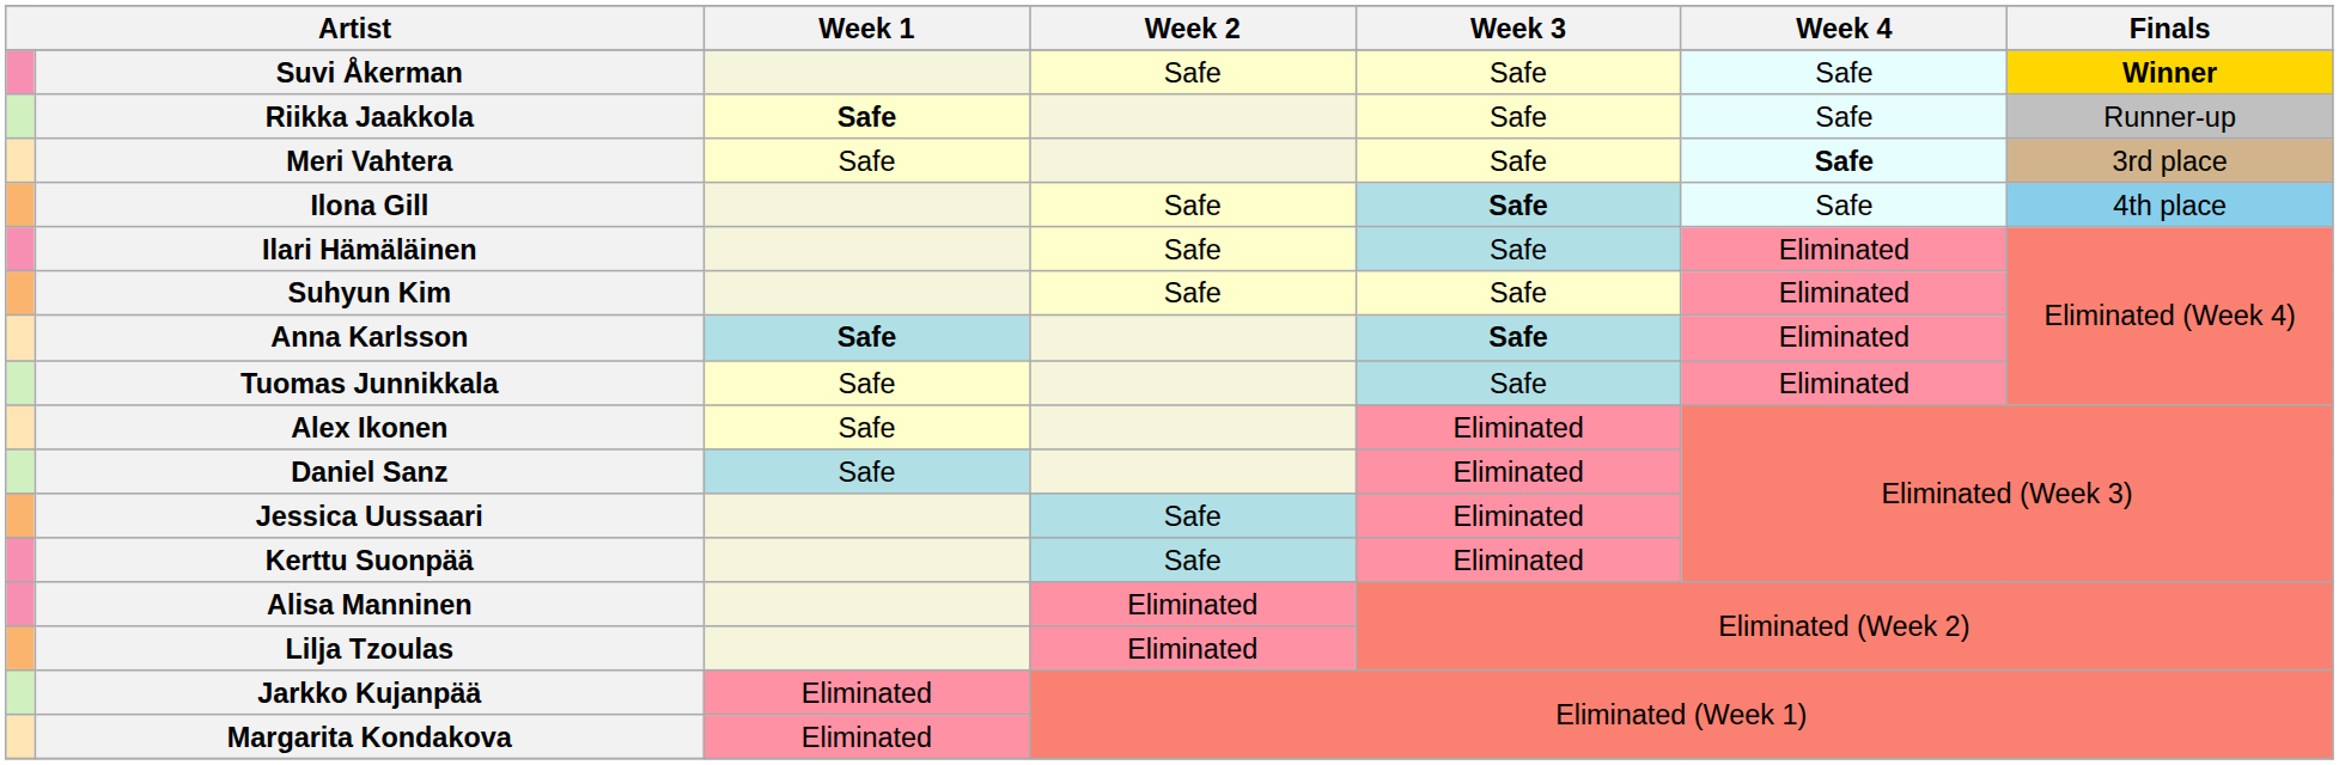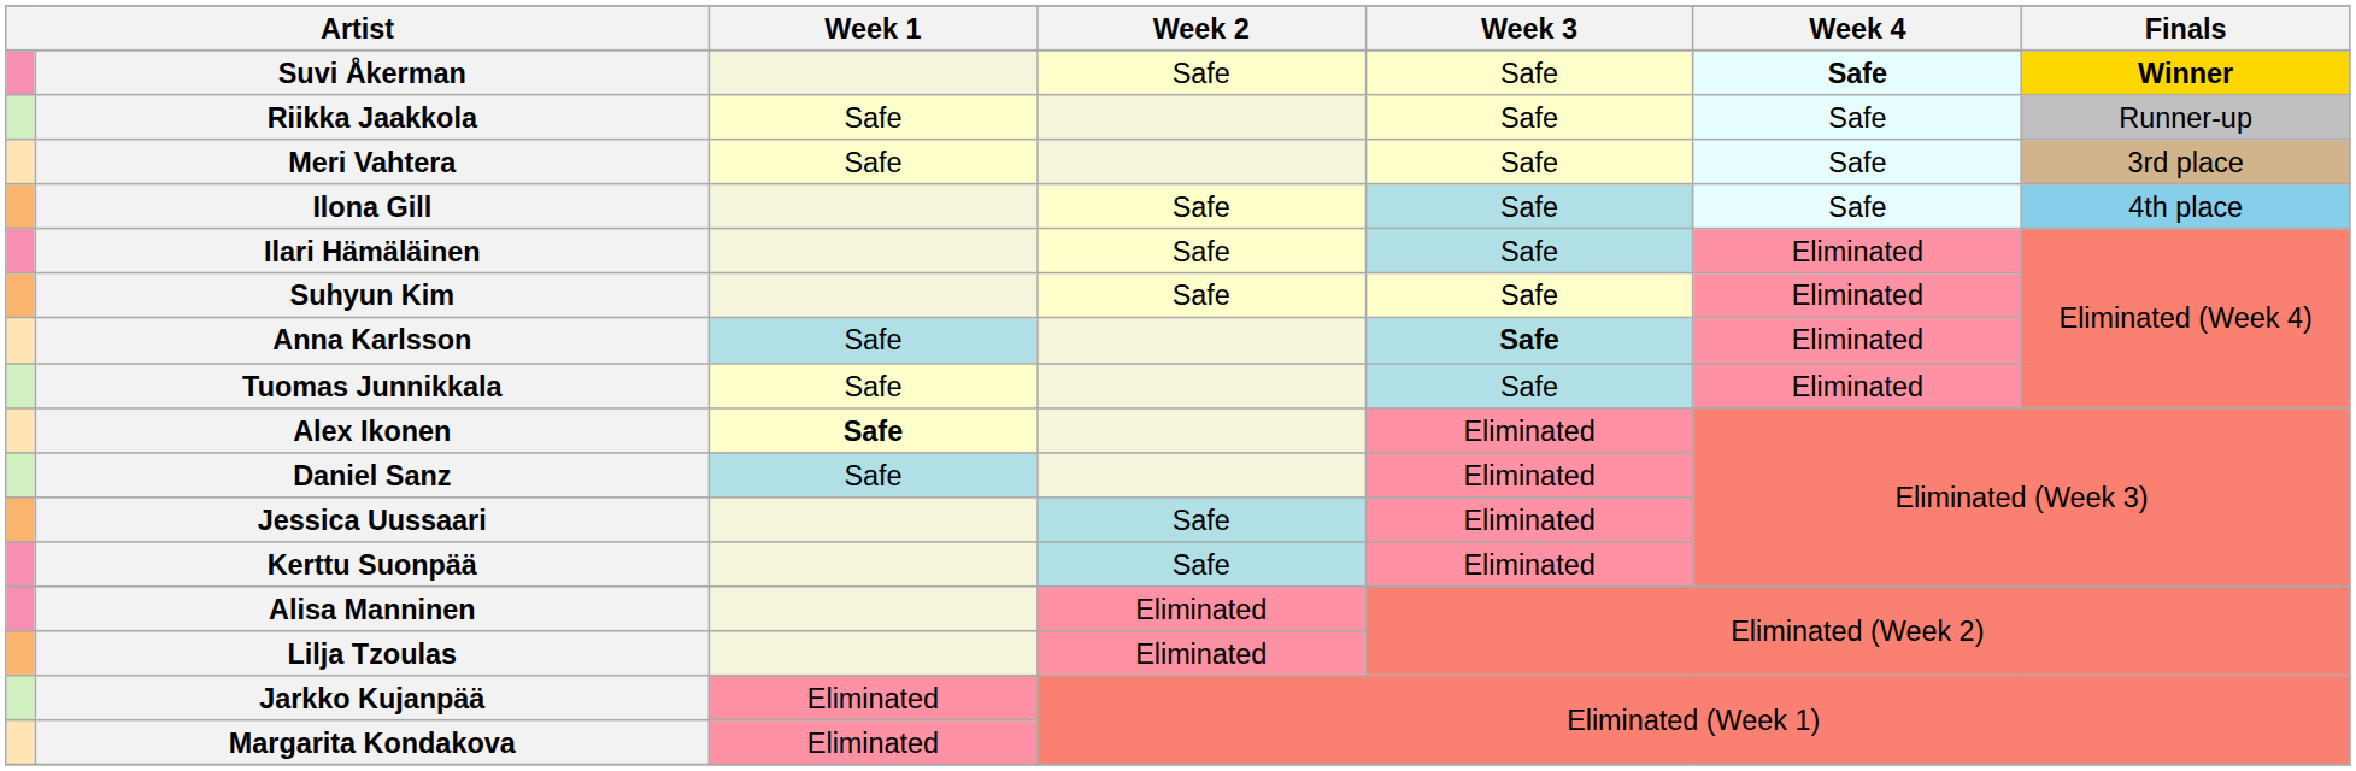 <table class="wikitable"  style="text-align:center; font-size:95%; width:100%;">
 <tr>
 </tr>
 <tr>
 <th colspan="2">Artist</th>
 <th style="width:14%;">Week 1</th>
 <th style="width:14%;">Week 2</th>
 <th style="width:14%;">Week 3</th>
 <th style="width:14%;">Week 4</th>
 <th style="width:14%;">Finals</th>
 </tr>
 <tr>
 </tr>
 <tr>
 <th style="background:#f78fb2;"></th>
 <th>Suvi Åkerman</th>
 <td style="background:#F5F5DC;"></td>
 <td style="background:#ffc;">Safe</td>
 <td style="background:#ffc;">Safe</td>
-<td style="background:#E7FEFF;">Safe</td>
+<td style="background:#E7FEFF;"><strong>Safe</strong></td>
 <td style="background:gold;"><strong>Winner</strong></td>
 </tr>
 <tr>
 <th style="background:#d0f0c0;"></th>
 <th>Riikka Jaakkola</th>
-<td style="background:#ffc;"><strong>Safe</strong></td>
+<td style="background:#ffc;">Safe</td>
 <td style="background:#F5F5DC;"></td>
 <td style="background:#ffc;">Safe</td>
 <td style="background:#E7FEFF;">Safe</td>
 <td style="background:silver;">Runner-up</td>
 </tr>
 <tr>
 <th style="background:#ffe5b4;"></th>
 <th>Meri Vahtera</th>
 <td style="background:#ffc;">Safe</td>
 <td style="background:#F5F5DC;"></td>
 <td style="background:#ffc;">Safe</td>
-<td style="background:#E7FEFF;"><strong>Safe</strong></td>
+<td style="background:#E7FEFF;">Safe</td>
 <td style="background:tan;">3rd place</td>
 </tr>
 <tr>
 <th style="background:#fbb46e;"></th>
 <th>Ilona Gill</th>
 <td style="background:#F5F5DC;"></td>
 <td style="background:#ffc;">Safe</td>
-<td style="background:#B0E0E6;"><strong>Safe</strong></td>
+<td style="background:#B0E0E6;">Safe</td>
 <td style="background:#E7FEFF;">Safe</td>
 <td style="background:skyblue;">4th place</td>
 </tr>
 <tr>
 <th style="background:#f78fb2;"></th>
 <th>Ilari Hämäläinen</th>
 <td style="background:#F5F5DC;"></td>
 <td style="background:#ffc;">Safe</td>
 <td style="background:#B0E0E6;">Safe</td>
 <td style="background:#FF91A4;">Eliminated</td>
 <td rowspan="4" colspan="5" style="background:salmon;">Eliminated (Week 4)</td>
 </tr>
 <tr>
 <th style="background:#fbb46e;"></th>
 <th>Suhyun Kim</th>
 <td style="background:#F5F5DC;"></td>
 <td style="background:#ffc;">Safe</td>
 <td style="background:#ffc;">Safe</td>
 <td style="background:#FF91A4;">Eliminated</td>
 </tr>
 <tr>
 <th style="background:#ffe5b4;"></th>
 <th>Anna Karlsson</th>
-<td style="background:#B0E0E6;"><strong>Safe</strong></td>
+<td style="background:#B0E0E6;">Safe</td>
 <td style="background:#F5F5DC;"></td>
 <td style="background:#B0E0E6;"><strong>Safe</strong></td>
 <td style="background:#FF91A4;">Eliminated</td>
 </tr>
 <tr>
 <th style="background:#d0f0c0;"></th>
 <th>Tuomas Junnikkala</th>
 <td style="background:#ffc;">Safe</td>
 <td style="background:#F5F5DC;"></td>
 <td style="background:#B0E0E6;">Safe</td>
 <td style="background:#FF91A4;">Eliminated</td>
 </tr>
 <tr>
 <th style="background:#ffe5b4;"></th>
 <th>Alex Ikonen</th>
-<td style="background:#ffc;">Safe</td>
+<td style="background:#ffc;"><strong>Safe</strong></td>
 <td style="background:#F5F5DC;"></td>
 <td style="background:#FF91A4;">Eliminated</td>
 <td rowspan="4" colspan="5" style="background:salmon;">Eliminated (Week 3)</td>
 </tr>
 <tr>
 <th style="background:#d0f0c0;"></th>
 <th>Daniel Sanz</th>
 <td style="background:#B0E0E6;">Safe</td>
 <td style="background:#F5F5DC;"></td>
 <td style="background:#FF91A4;">Eliminated</td>
 </tr>
 <tr>
 <th style="background:#fbb46e;"></th>
 <th>Jessica Uussaari</th>
 <td style="background:#F5F5DC;"></td>
 <td style="background:#B0E0E6;">Safe</td>
 <td style="background:#FF91A4;">Eliminated</td>
 </tr>
 <tr>
 <th style="background:#f78fb2;"></th>
 <th>Kerttu Suonpää</th>
 <td style="background:#F5F5DC;"></td>
 <td style="background:#B0E0E6;">Safe</td>
 <td style="background:#FF91A4;">Eliminated</td>
 </tr>
 <tr>
 <th style="background:#f78fb2;"></th>
 <th>Alisa Manninen</th>
 <td style="background:#F5F5DC;"></td>
 <td style="background:#FF91A4;">Eliminated</td>
 <td rowspan="2" colspan="5" style="background:salmon;">Eliminated (Week 2)</td>
 </tr>
 <tr>
 <th style="background:#fbb46e;"></th>
 <th>Lilja Tzoulas</th>
 <td style="background:#F5F5DC;"></td>
 <td style="background:#FF91A4;">Eliminated</td>
 </tr>
 <tr>
 <th style="background:#d0f0c0;"></th>
 <th>Jarkko Kujanpää</th>
 <td style="background:#FF91A4;">Eliminated</td>
 <td rowspan="2" colspan="5" style="background:salmon;">Eliminated (Week 1)</td>
 </tr>
 <tr>
 <th style="background:#ffe5b4;"></th>
 <th>Margarita Kondakova</th>
 <td style="background:#FF91A4;">Eliminated</td>
 </tr>
 <tr>
 </tr>
 </table>
